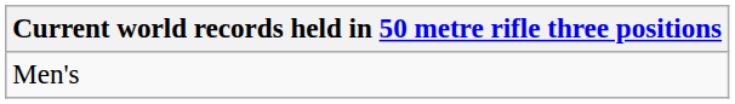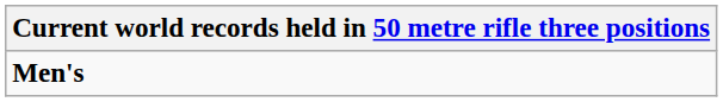 <table class="wikitable" style="font-size: 95%">
 <tr>
 <th colspan=7>Current world records held in <a href='#'>50 metre rifle three positions</a></th>
 </tr>
 <tr>
-<td>Men's<br></td>
+<td><strong>Men's<br></strong></td>
 </tr>
 </table>
